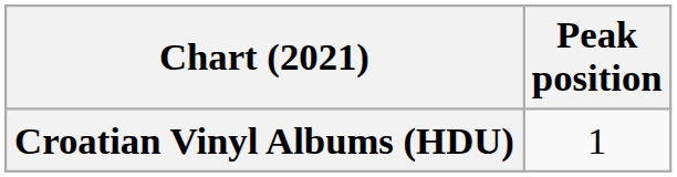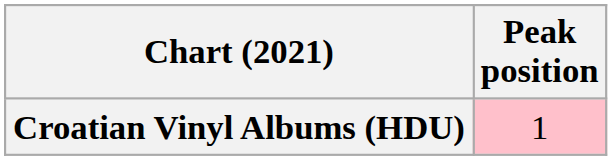 <table class="wikitable plainrowheaders">
 <tr>
 <th scope="col">Chart (2021)</th>
 <th scope="col">Peak<br>position</th>
 </tr>
 <tr>
 <th scope="row">Croatian Vinyl Albums (HDU)</th>
-<td align="center">1</td>
+<td align="center" style="background: pink;">1</td>
 </tr>
 </table>
